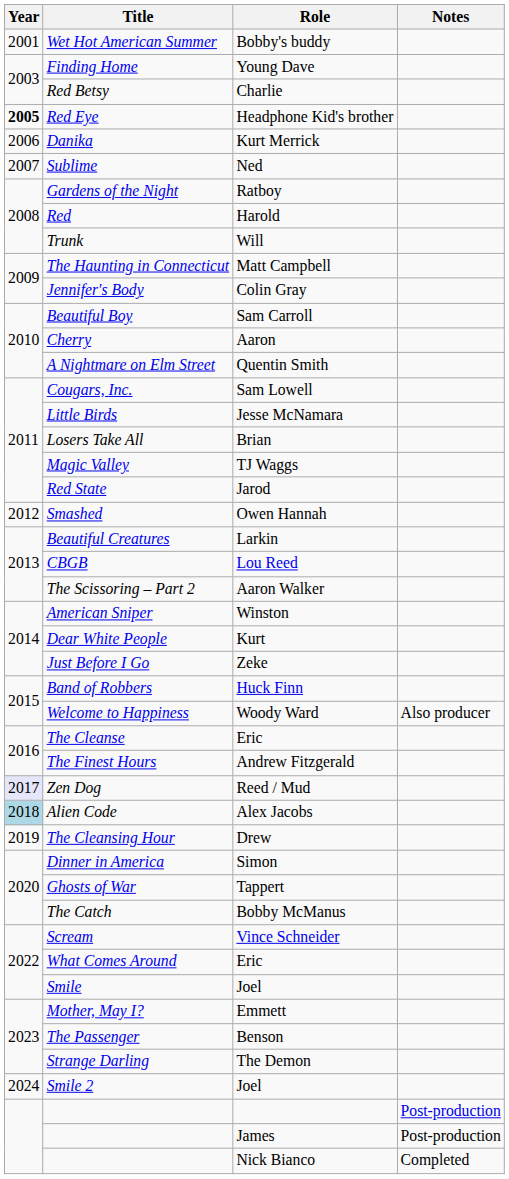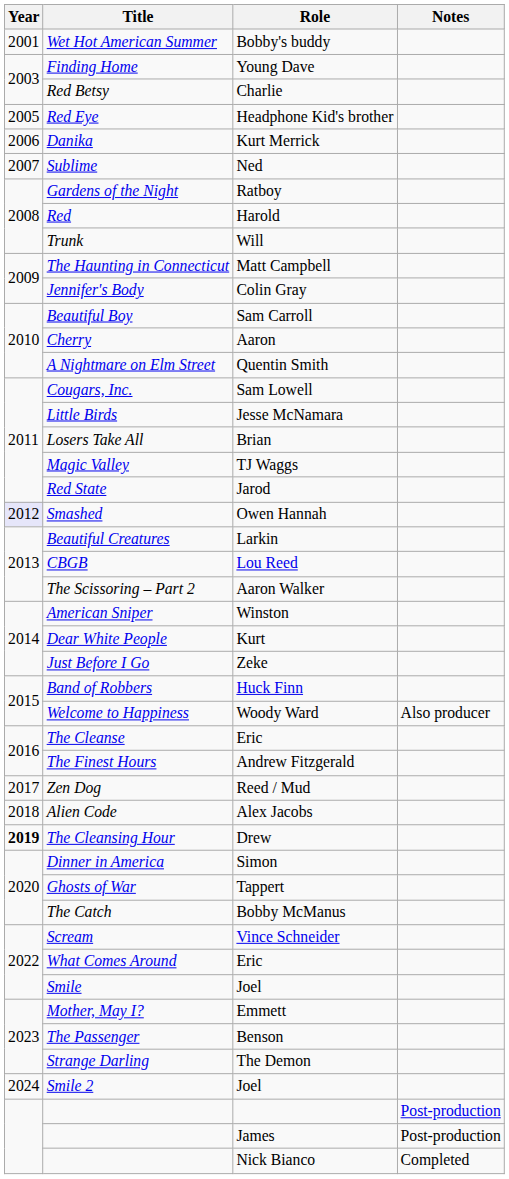 <table class="wikitable sortable">
 <tr>
 <th>Year</th>
 <th>Title</th>
 <th class="unsortable">Role</th>
 <th class="unsortable">Notes</th>
 </tr>
 <tr>
 <td>2001</td>
 <td><em><a href='#'>Wet Hot American Summer</a></em></td>
 <td>Bobby's buddy</td>
 <td></td>
 </tr>
 <tr>
 <td rowspan="2">2003</td>
 <td><em><a href='#'>Finding Home</a></em></td>
 <td>Young Dave</td>
 <td></td>
 </tr>
 <tr>
 <td><em>Red Betsy</em></td>
 <td>Charlie</td>
 <td></td>
 </tr>
 <tr>
-<td><strong>2005</strong></td>
+<td>2005</td>
 <td><em><a href='#'>Red Eye</a></em></td>
 <td>Headphone Kid's brother</td>
 <td></td>
 </tr>
 <tr>
 <td>2006</td>
 <td><em><a href='#'>Danika</a></em></td>
 <td>Kurt Merrick</td>
 <td></td>
 </tr>
 <tr>
 <td>2007</td>
 <td><em><a href='#'>Sublime</a></em></td>
 <td>Ned</td>
 <td></td>
 </tr>
 <tr>
 <td rowspan="3">2008</td>
 <td><em><a href='#'>Gardens of the Night</a></em></td>
 <td>Ratboy</td>
 <td></td>
 </tr>
 <tr>
 <td><em><a href='#'>Red</a></em></td>
 <td>Harold</td>
 <td></td>
 </tr>
 <tr>
 <td><em>Trunk</em></td>
 <td>Will</td>
 <td></td>
 </tr>
 <tr>
 <td rowspan=2>2009</td>
 <td data-sort-value="Haunting in Connecticut, The"><em><a href='#'>The Haunting in Connecticut</a></em></td>
 <td>Matt Campbell</td>
 <td></td>
 </tr>
 <tr>
 <td><em><a href='#'>Jennifer's Body</a></em></td>
 <td>Colin Gray</td>
 <td></td>
 </tr>
 <tr>
 <td rowspan="3">2010</td>
 <td><em><a href='#'>Beautiful Boy</a></em></td>
 <td>Sam Carroll</td>
 <td></td>
 </tr>
 <tr>
 <td><em><a href='#'>Cherry</a></em></td>
 <td>Aaron</td>
 <td></td>
 </tr>
 <tr>
 <td data-sort-value="Nightmare on Elm Street, A"><em><a href='#'>A Nightmare on Elm Street</a></em></td>
 <td>Quentin Smith</td>
 <td></td>
 </tr>
 <tr>
 <td rowspan="5">2011</td>
 <td><em><a href='#'>Cougars, Inc.</a></em></td>
 <td>Sam Lowell</td>
 <td></td>
 </tr>
 <tr>
 <td><em><a href='#'>Little Birds</a></em></td>
 <td>Jesse McNamara</td>
 <td></td>
 </tr>
 <tr>
 <td><em>Losers Take All</em></td>
 <td>Brian</td>
 <td></td>
 </tr>
 <tr>
 <td><em><a href='#'>Magic Valley</a></em></td>
 <td>TJ Waggs</td>
 <td></td>
 </tr>
 <tr>
 <td><em><a href='#'>Red State</a></em></td>
 <td>Jarod</td>
 <td></td>
 </tr>
 <tr>
-<td>2012</td>
+<td style="background: lavender;">2012</td>
 <td><em><a href='#'>Smashed</a></em></td>
 <td>Owen Hannah</td>
 <td></td>
 </tr>
 <tr>
 <td rowspan=3>2013</td>
 <td><em><a href='#'>Beautiful Creatures</a></em></td>
 <td>Larkin</td>
 <td></td>
 </tr>
 <tr>
 <td><em><a href='#'>CBGB</a></em></td>
 <td><a href='#'>Lou Reed</a></td>
 <td></td>
 </tr>
 <tr>
 <td data-sort-value="Scissoring – Part 2, The"><em>The Scissoring – Part 2</em></td>
 <td>Aaron Walker</td>
 <td></td>
 </tr>
 <tr>
 <td rowspan="3">2014</td>
 <td><em><a href='#'>American Sniper</a></em></td>
 <td>Winston</td>
 <td></td>
 </tr>
 <tr>
 <td><em><a href='#'>Dear White People</a></em></td>
 <td>Kurt</td>
 <td></td>
 </tr>
 <tr>
 <td><em><a href='#'>Just Before I Go</a></em></td>
 <td>Zeke</td>
 <td></td>
 </tr>
 <tr>
 <td rowspan=2>2015</td>
 <td><em><a href='#'>Band of Robbers</a></em></td>
 <td><a href='#'>Huck Finn</a></td>
 <td></td>
 </tr>
 <tr>
 <td><em><a href='#'>Welcome to Happiness</a></em></td>
 <td>Woody Ward</td>
 <td>Also producer</td>
 </tr>
 <tr>
 <td rowspan="2">2016</td>
 <td data-sort-value="Cleanse, The"><em><a href='#'>The Cleanse</a></em></td>
 <td>Eric</td>
 <td></td>
 </tr>
 <tr>
 <td data-sort-value="Finest Hours, The"><em><a href='#'>The Finest Hours</a></em></td>
 <td>Andrew Fitzgerald</td>
 <td></td>
 </tr>
 <tr>
-<td style="background: lavender;">2017</td>
+<td>2017</td>
 <td><em>Zen Dog</em></td>
 <td>Reed / Mud</td>
 <td></td>
 </tr>
 <tr>
-<td style="background: lightblue;">2018</td>
+<td>2018</td>
 <td><em>Alien Code</em></td>
 <td>Alex Jacobs</td>
 <td></td>
 </tr>
 <tr>
-<td>2019</td>
+<td><strong>2019</strong></td>
 <td data-sort-value="Cleansing Hour, The"><em><a href='#'>The Cleansing Hour</a></em></td>
 <td>Drew</td>
 <td></td>
 </tr>
 <tr>
 <td rowspan=3>2020</td>
 <td><em><a href='#'>Dinner in America</a></em></td>
 <td>Simon</td>
 <td></td>
 </tr>
 <tr>
 <td><em><a href='#'>Ghosts of War</a></em></td>
 <td>Tappert</td>
 <td></td>
 </tr>
 <tr>
 <td data-sort-value="Catch, The"><em>The Catch</em></td>
 <td>Bobby McManus</td>
 <td></td>
 </tr>
 <tr>
 <td rowspan="3">2022</td>
 <td><em><a href='#'>Scream</a></em></td>
 <td><a href='#'>Vince Schneider</a></td>
 <td></td>
 </tr>
 <tr>
 <td><em><a href='#'>What Comes Around</a></em></td>
 <td>Eric</td>
 <td></td>
 </tr>
 <tr>
 <td><em><a href='#'>Smile</a></em></td>
 <td>Joel</td>
 <td></td>
 </tr>
 <tr>
 <td rowspan="3">2023</td>
 <td><em><a href='#'>Mother, May I?</a></em></td>
 <td>Emmett</td>
 <td></td>
 </tr>
 <tr>
 <td data-sort-value="Passenger, The"><em><a href='#'>The Passenger</a></em></td>
 <td>Benson</td>
 <td></td>
 </tr>
 <tr>
 <td><em><a href='#'>Strange Darling</a></em></td>
 <td>The Demon</td>
 <td></td>
 </tr>
 <tr>
 <td>2024</td>
 <td><em><a href='#'>Smile 2</a></em></td>
 <td>Joel</td>
 <td></td>
 </tr>
 <tr>
 <td rowspan="3"></td>
 <td></td>
 <td></td>
 <td><a href='#'>Post-production</a></td>
 </tr>
 <tr>
 <td></td>
 <td>James</td>
 <td>Post-production</td>
 </tr>
 <tr>
 <td></td>
 <td>Nick Bianco</td>
 <td>Completed</td>
 </tr>
 </table>
